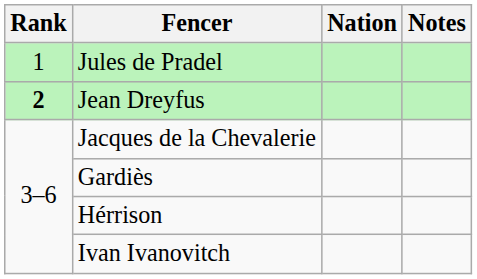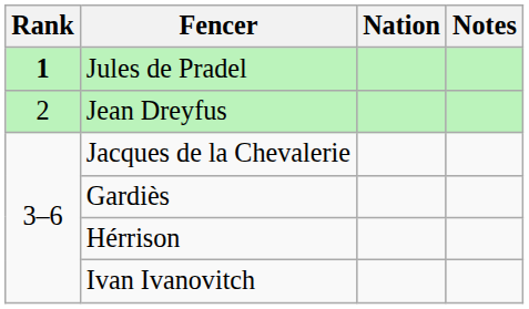 <table class="wikitable sortable" style="text-align:center">
 <tr>
 <th>Rank</th>
 <th>Fencer</th>
 <th>Nation</th>
 <th>Notes</th>
 </tr>
 <tr bgcolor=bbf3bb>
-<td>1</td>
+<td><strong>1</strong></td>
 <td align=left>Jules de Pradel</td>
 <td align=left></td>
 <td></td>
 </tr>
 <tr bgcolor=bbf3bb>
-<td><strong>2</strong></td>
+<td>2</td>
 <td align=left>Jean Dreyfus</td>
 <td align=left></td>
 <td></td>
 </tr>
 <tr>
 <td rowspan=4 align=center>3–6</td>
 <td align=left>Jacques de la Chevalerie</td>
 <td align=left></td>
 <td></td>
 </tr>
 <tr>
 <td align=left>Gardiès</td>
 <td align=left></td>
 <td></td>
 </tr>
 <tr>
 <td align=left>Hérrison</td>
 <td align=left></td>
 <td></td>
 </tr>
 <tr>
 <td align=left>Ivan Ivanovitch</td>
 <td align=left></td>
 <td></td>
 </tr>
 </table>
